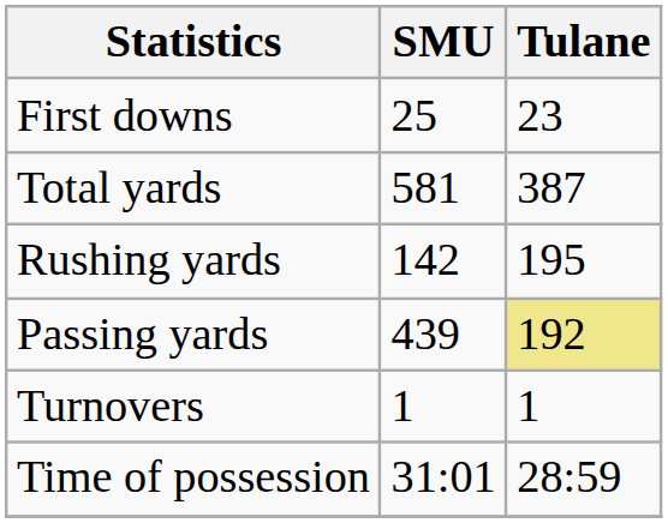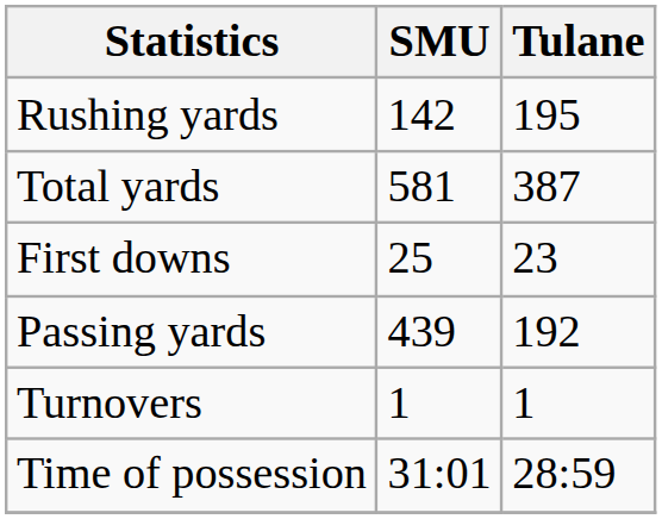 <table class="wikitable">
 <tr>
 <th>Statistics</th>
 <th>SMU</th>
 <th>Tulane</th>
 </tr>
 <tr>
-<td>First downs</td>
-<td>25</td>
-<td>23</td>
+<td>Rushing yards</td>
+<td>142</td>
+<td>195</td>
 </tr>
 <tr>
 <td>Total yards</td>
 <td>581</td>
 <td>387</td>
 </tr>
 <tr>
-<td>Rushing yards</td>
-<td>142</td>
-<td>195</td>
+<td>First downs</td>
+<td>25</td>
+<td>23</td>
 </tr>
 <tr>
 <td>Passing yards</td>
 <td>439</td>
-<td style="background: khaki;">192</td>
+<td>192</td>
 </tr>
 <tr>
 <td>Turnovers</td>
 <td>1</td>
 <td>1</td>
 </tr>
 <tr>
 <td>Time of possession</td>
 <td>31:01</td>
 <td>28:59</td>
 </tr>
 <tr>
 </tr>
 </table>
